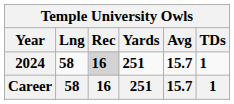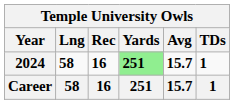 <table class="wikitable">
 <tr>
 <th colspan="6"><strong>Temple University Owls</strong></th>
 </tr>
 <tr>
 <th><strong>Year</strong></th>
 <th><strong>Lng</strong></th>
 <th><abbr><strong>Rec</strong></abbr></th>
 <th><strong>Yards</strong></th>
 <th><abbr><strong>Avg</strong></abbr></th>
 <th><abbr><strong>TDs</strong></abbr></th>
 </tr>
 <tr>
 <th><strong>2024</strong></th>
 <td><strong>58</strong></td>
-<td style="background: lightgrey;"><strong>16</strong></td>
-<td><strong>251</strong></td>
+<td><strong>16</strong></td>
+<td style="background: lightgreen;"><strong>251</strong></td>
 <td><strong>15.7</strong></td>
 <td><strong>1</strong></td>
 </tr>
 <tr>
 <th><strong>Career</strong></th>
 <th><strong>58</strong></th>
 <th><strong>16</strong></th>
 <th><strong>251</strong></th>
 <th><strong>15.7</strong></th>
 <th><strong>1</strong></th>
 </tr>
 </table>
